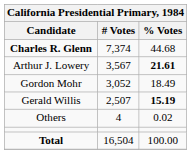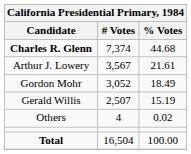 <table class=wikitable style="text-align:center;">
 <tr bgcolor=lightgrey>
 <th colspan="4">California Presidential Primary, 1984 </th>
 </tr>
 <tr bgcolor=lightgrey>
 <th>Candidate</th>
 <th># Votes</th>
 <th>% Votes</th>
 </tr>
 <tr>
 <td><strong>Charles R. Glenn</strong></td>
 <td>7,374</td>
 <td>44.68</td>
 </tr>
 <tr>
 <td>Arthur J. Lowery</td>
 <td>3,567</td>
-<td><strong>21.61</strong></td>
+<td>21.61</td>
 </tr>
 <tr>
 <td>Gordon Mohr</td>
 <td>3,052</td>
 <td>18.49</td>
 </tr>
 <tr>
 <td>Gerald Willis</td>
 <td>2,507</td>
-<td><strong>15.19</strong></td>
+<td>15.19</td>
 </tr>
 <tr>
 <td>Others</td>
 <td>4</td>
 <td>0.02</td>
 </tr>
 <tr>
 <td></td>
 <td></td>
 <td></td>
 </tr>
 <tr>
 <td><strong>Total</strong></td>
 <td>16,504</td>
 <td>100.00</td>
 </tr>
 <tr>
 </tr>
 </table>
